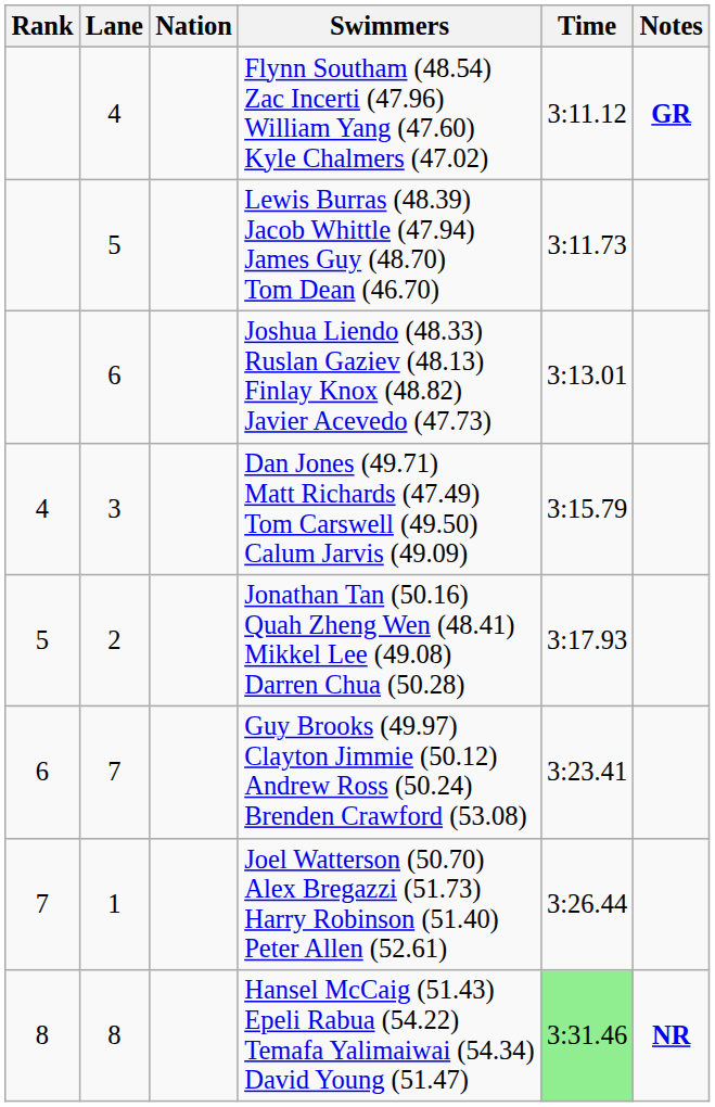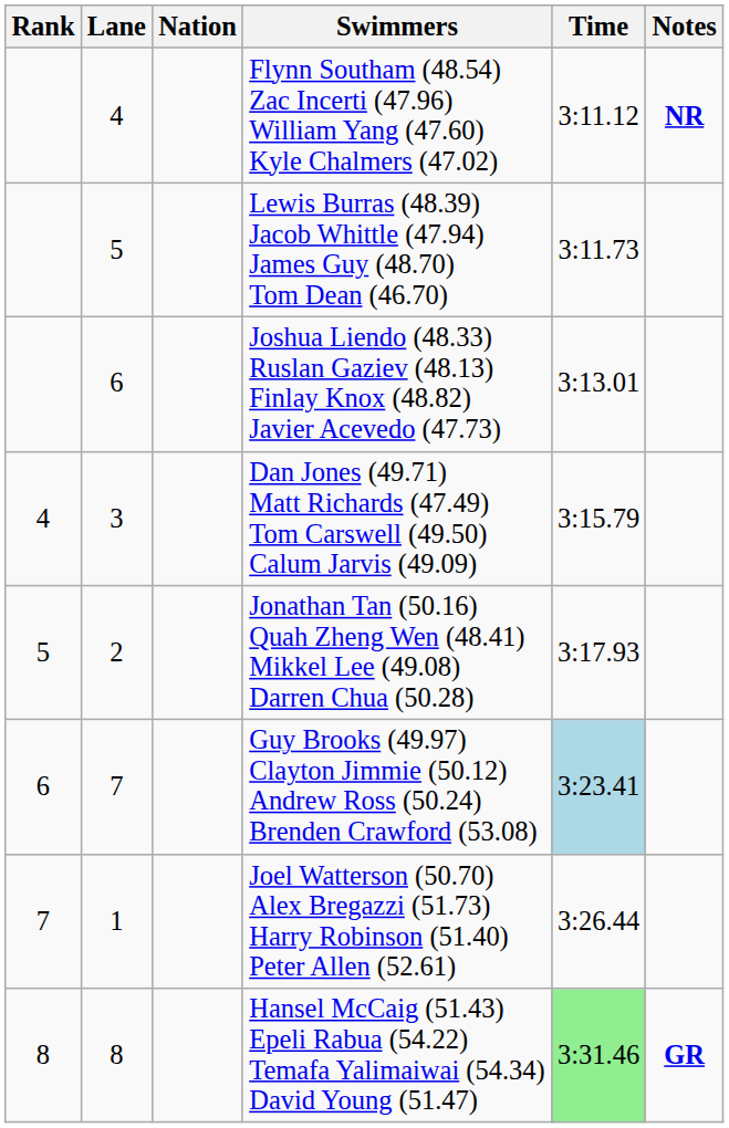 <table class="wikitable sortable" style="text-align:center">
 <tr>
 <th>Rank</th>
 <th>Lane</th>
 <th>Nation</th>
 <th>Swimmers</th>
 <th>Time</th>
 <th>Notes</th>
 </tr>
 <tr>
 <td></td>
 <td>4</td>
 <td align=left></td>
 <td align="left"><a href='#'>Flynn Southam</a> (48.54)<br><a href='#'>Zac Incerti</a> (47.96)<br><a href='#'>William Yang</a> (47.60)<br><a href='#'>Kyle Chalmers</a> (47.02)</td>
 <td>3:11.12</td>
-<td><strong><a href='#'>GR</a></strong></td>
+<td><strong><a href='#'>NR</a></strong></td>
 </tr>
 <tr>
 <td></td>
 <td>5</td>
 <td align=left></td>
 <td align="left"><a href='#'>Lewis Burras</a> (48.39)<br><a href='#'>Jacob Whittle</a> (47.94)<br><a href='#'>James Guy</a> (48.70)<br><a href='#'>Tom Dean</a> (46.70)</td>
 <td>3:11.73</td>
 <td></td>
 </tr>
 <tr>
 <td></td>
 <td>6</td>
 <td align=left></td>
 <td align="left"><a href='#'>Joshua Liendo</a> (48.33)<br><a href='#'>Ruslan Gaziev</a> (48.13)<br><a href='#'>Finlay Knox</a> (48.82)<br><a href='#'>Javier Acevedo</a> (47.73)</td>
 <td>3:13.01</td>
 <td></td>
 </tr>
 <tr>
 <td>4</td>
 <td>3</td>
 <td align=left></td>
 <td align="left"><a href='#'>Dan Jones</a> (49.71)<br><a href='#'>Matt Richards</a> (47.49)<br><a href='#'>Tom Carswell</a> (49.50)<br><a href='#'>Calum Jarvis</a> (49.09)</td>
 <td>3:15.79</td>
 <td></td>
 </tr>
 <tr>
 <td>5</td>
 <td>2</td>
 <td align=left></td>
 <td align="left"><a href='#'>Jonathan Tan</a> (50.16)<br><a href='#'>Quah Zheng Wen</a> (48.41)<br><a href='#'>Mikkel Lee</a> (49.08)<br><a href='#'>Darren Chua</a> (50.28)</td>
 <td>3:17.93</td>
 <td></td>
 </tr>
 <tr>
 <td>6</td>
 <td>7</td>
 <td align=left></td>
 <td align="left"><a href='#'>Guy Brooks</a> (49.97)<br><a href='#'>Clayton Jimmie</a> (50.12)<br><a href='#'>Andrew Ross</a> (50.24)<br><a href='#'>Brenden Crawford</a> (53.08)</td>
-<td>3:23.41</td>
+<td style="background: lightblue;">3:23.41</td>
 <td></td>
 </tr>
 <tr>
 <td>7</td>
 <td>1</td>
 <td align=left></td>
 <td align="left"><a href='#'>Joel Watterson</a> (50.70)<br><a href='#'>Alex Bregazzi</a> (51.73)<br><a href='#'>Harry Robinson</a> (51.40)<br><a href='#'>Peter Allen</a> (52.61)</td>
 <td>3:26.44</td>
 <td></td>
 </tr>
 <tr>
 <td>8</td>
 <td>8</td>
 <td align=left></td>
 <td align="left"><a href='#'>Hansel McCaig</a> (51.43)<br><a href='#'>Epeli Rabua</a> (54.22)<br><a href='#'>Temafa Yalimaiwai</a> (54.34)<br><a href='#'>David Young</a> (51.47)</td>
 <td style="background: lightgreen;">3:31.46</td>
-<td><strong><a href='#'>NR</a></strong></td>
+<td><strong><a href='#'>GR</a></strong></td>
 </tr>
 </table>
